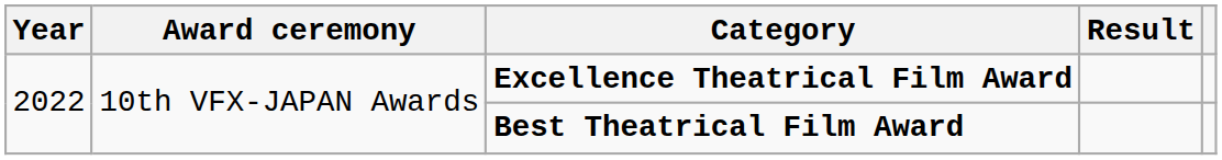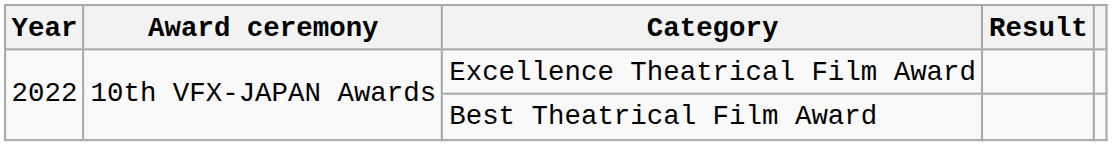 <table class="wikitable sortable">
 <tr>
 <th>Year</th>
 <th>Award ceremony</th>
 <th>Category</th>
 <th>Result</th>
 <th></th>
 </tr>
 <tr>
 <td rowspan=2>2022</td>
 <td rowspan=2>10th VFX-JAPAN Awards</td>
-<td><strong>Excellence Theatrical Film Award</strong></td>
+<td>Excellence Theatrical Film Award</td>
 <td></td>
 <td style="text-align:center;"></td>
 </tr>
 <tr>
-<td><strong>Best Theatrical Film Award</strong></td>
+<td>Best Theatrical Film Award</td>
 <td></td>
 <td style="text-align:center;"></td>
 </tr>
 </table>
